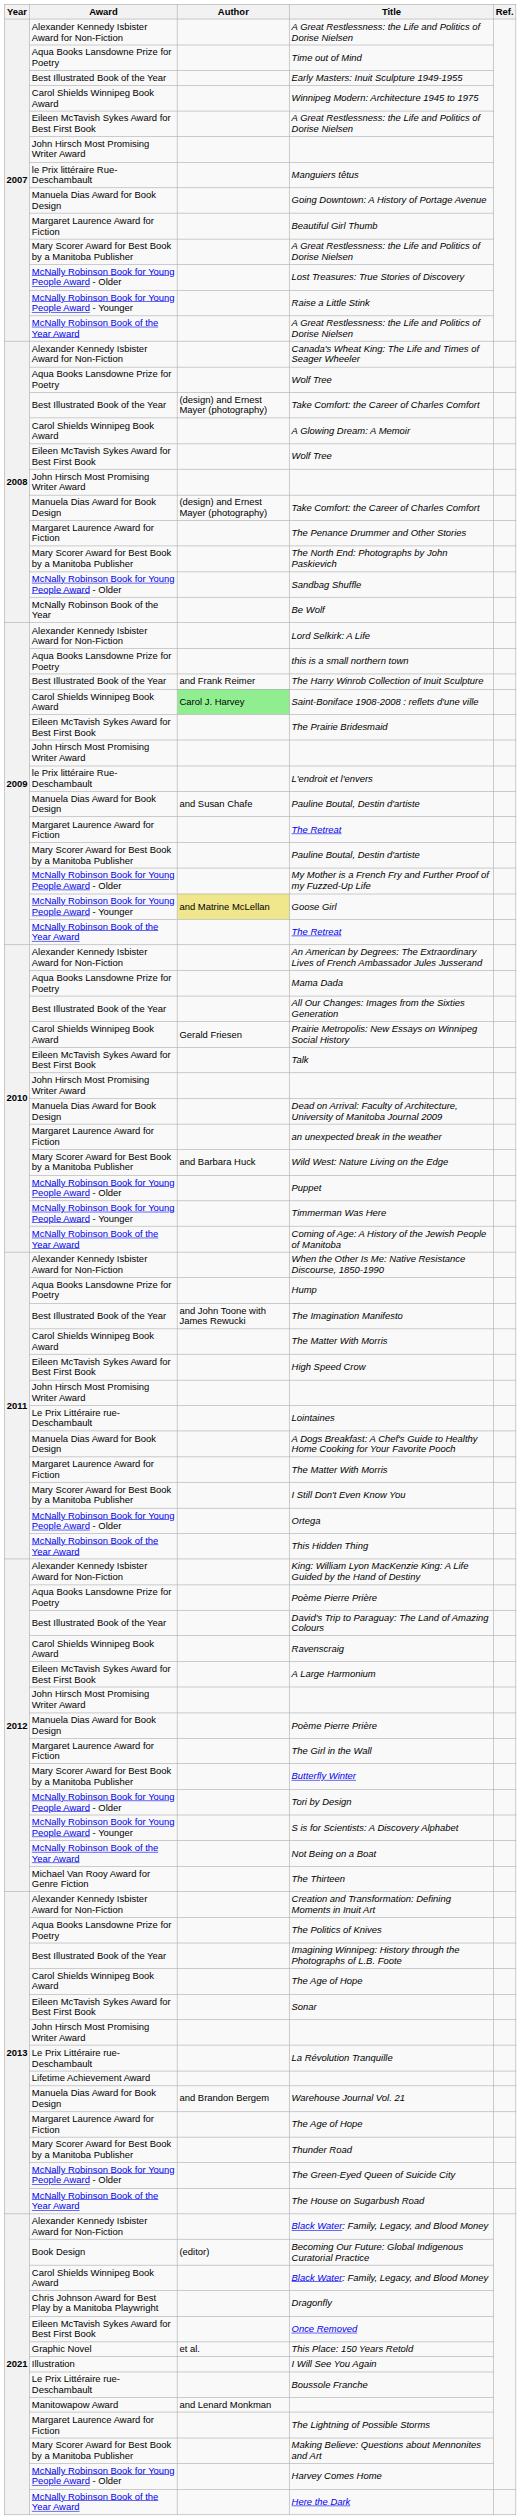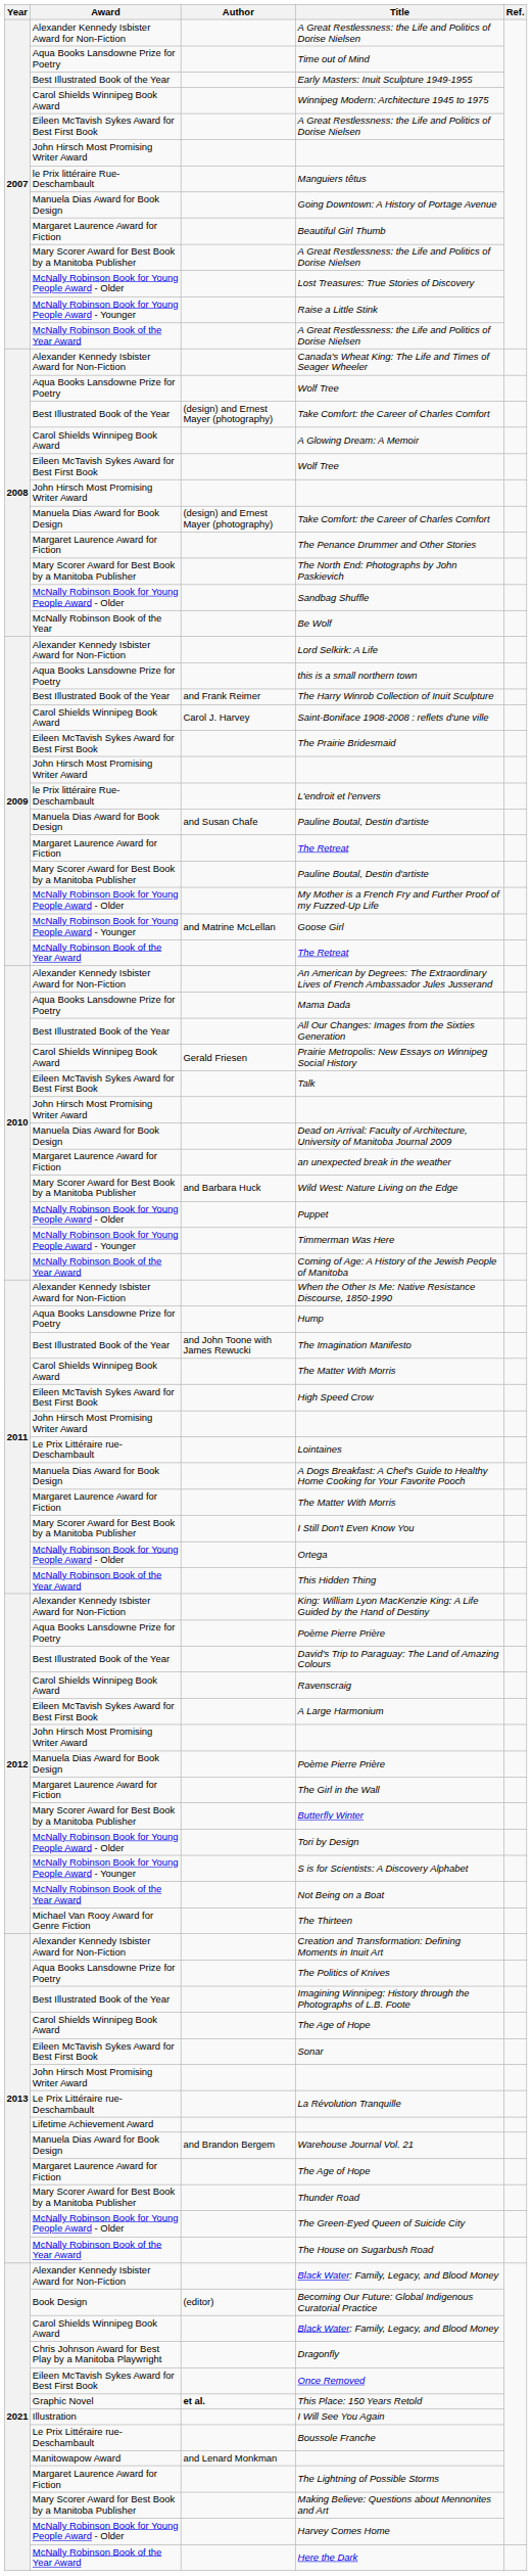 <table class="wikitable sortable">
 <tr>
 <th>Year</th>
 <th>Award</th>
 <th>Author</th>
 <th>Title</th>
 <th>Ref.</th>
 </tr>
 <tr>
 <th rowspan="13">2007</th>
 <td>Alexander Kennedy Isbister Award for Non-Fiction</td>
 <td></td>
 <td><em>A Great Restlessness: the Life and Politics of Dorise Nielsen</em></td>
 <td rowspan="13"></td>
 </tr>
 <tr>
 <td>Aqua Books Lansdowne Prize for Poetry</td>
 <td></td>
 <td><em>Time out of Mind</em></td>
 </tr>
 <tr>
 <td>Best Illustrated Book of the Year</td>
 <td></td>
 <td><em>Early Masters: Inuit Sculpture 1949-1955</em></td>
 </tr>
 <tr>
 <td>Carol Shields Winnipeg Book Award</td>
 <td></td>
 <td><em>Winnipeg Modern: Architecture 1945 to 1975</em></td>
 </tr>
 <tr>
 <td>Eileen McTavish Sykes Award for Best First Book</td>
 <td></td>
 <td><em>A Great Restlessness: the Life and Politics of Dorise Nielsen</em></td>
 </tr>
 <tr>
 <td>John Hirsch Most Promising Writer Award</td>
 <td></td>
 <td></td>
 </tr>
 <tr>
 <td>le Prix littéraire Rue-Deschambault</td>
 <td></td>
 <td><em>Manguiers têtus</em></td>
 </tr>
 <tr>
 <td>Manuela Dias Award for Book Design</td>
 <td></td>
 <td><em>Going Downtown: A History of Portage Avenue</em></td>
 </tr>
 <tr>
 <td>Margaret Laurence Award for Fiction</td>
 <td></td>
 <td><em>Beautiful Girl Thumb</em></td>
 </tr>
 <tr>
 <td>Mary Scorer Award for Best Book by a Manitoba Publisher</td>
 <td></td>
 <td><em>A Great Restlessness: the Life and Politics of Dorise Nielsen</em></td>
 </tr>
 <tr>
 <td><a href='#'>McNally Robinson Book for Young People Award</a> - Older</td>
 <td></td>
 <td><em>Lost Treasures: True Stories of Discovery</em></td>
 </tr>
 <tr>
 <td><a href='#'>McNally Robinson Book for Young People Award</a> - Younger</td>
 <td></td>
 <td><em>Raise a Little Stink</em></td>
 </tr>
 <tr>
 <td><a href='#'>McNally Robinson Book of the Year Award</a></td>
 <td></td>
 <td><em>A Great Restlessness: the Life and Politics of Dorise Nielsen</em></td>
 </tr>
 <tr>
 <th rowspan="11">2008</th>
 <td>Alexander Kennedy Isbister Award for Non-Fiction</td>
 <td></td>
 <td><em>Canada's Wheat King: The Life and Times of Seager Wheeler</em></td>
 <td></td>
 </tr>
 <tr>
 <td>Aqua Books Lansdowne Prize for Poetry</td>
 <td></td>
 <td><em>Wolf Tree</em></td>
 <td></td>
 </tr>
 <tr>
 <td>Best Illustrated Book of the Year</td>
 <td> (design) and Ernest Mayer (photography)</td>
 <td><em>Take Comfort: the Career of Charles Comfort</em></td>
 <td></td>
 </tr>
 <tr>
 <td>Carol Shields Winnipeg Book Award</td>
 <td></td>
 <td><em>A Glowing Dream: A Memoir</em></td>
 <td></td>
 </tr>
 <tr>
 <td>Eileen McTavish Sykes Award for Best First Book</td>
 <td></td>
 <td><em>Wolf Tree</em></td>
 <td></td>
 </tr>
 <tr>
 <td>John Hirsch Most Promising Writer Award</td>
 <td></td>
 <td></td>
 <td></td>
 </tr>
 <tr>
 <td>Manuela Dias Award for Book Design</td>
 <td> (design) and Ernest Mayer (photography)</td>
 <td><em>Take Comfort: the Career of Charles Comfort</em></td>
 <td></td>
 </tr>
 <tr>
 <td>Margaret Laurence Award for Fiction</td>
 <td></td>
 <td><em>The Penance Drummer and Other Stories</em></td>
 <td></td>
 </tr>
 <tr>
 <td>Mary Scorer Award for Best Book by a Manitoba Publisher</td>
 <td></td>
 <td><em>The North End: Photographs by John Paskievich</em></td>
 <td></td>
 </tr>
 <tr>
 <td><a href='#'>McNally Robinson Book for Young People Award</a> - Older</td>
 <td></td>
 <td><em>Sandbag Shuffle</em></td>
 <td></td>
 </tr>
 <tr>
 <td>McNally Robinson Book of the Year</td>
 <td></td>
 <td><em>Be Wolf</em></td>
 <td></td>
 </tr>
 <tr>
 <th rowspan="13">2009</th>
 <td>Alexander Kennedy Isbister Award for Non-Fiction</td>
 <td></td>
 <td><em>Lord Selkirk: A Life</em></td>
 <td></td>
 </tr>
 <tr>
 <td>Aqua Books Lansdowne Prize for Poetry</td>
 <td></td>
 <td><em>this is a small northern town</em></td>
 <td></td>
 </tr>
 <tr>
 <td>Best Illustrated Book of the Year</td>
 <td> and Frank Reimer</td>
 <td><em>The Harry Winrob Collection of Inuit Sculpture</em></td>
 <td></td>
 </tr>
 <tr>
 <td>Carol Shields Winnipeg Book Award</td>
-<td style="background: lightgreen;"> Carol J. Harvey</td>
+<td> Carol J. Harvey</td>
 <td><em>Saint-Boniface 1908-2008 : reflets d'une ville</em></td>
 <td></td>
 </tr>
 <tr>
 <td>Eileen McTavish Sykes Award for Best First Book</td>
 <td></td>
 <td><em>The Prairie Bridesmaid</em></td>
 <td></td>
 </tr>
 <tr>
 <td>John Hirsch Most Promising Writer Award</td>
 <td></td>
 <td></td>
 <td></td>
 </tr>
 <tr>
 <td>le Prix littéraire Rue-Deschambault</td>
 <td></td>
 <td><em>L'endroit et l'envers</em></td>
 <td></td>
 </tr>
 <tr>
 <td>Manuela Dias Award for Book Design</td>
 <td> and Susan Chafe</td>
 <td><em>Pauline Boutal, Destin d'artiste</em></td>
 <td></td>
 </tr>
 <tr>
 <td>Margaret Laurence Award for Fiction</td>
 <td></td>
 <td><em><a href='#'>The Retreat</a></em></td>
 <td></td>
 </tr>
 <tr>
 <td>Mary Scorer Award for Best Book by a Manitoba Publisher</td>
 <td></td>
 <td><em>Pauline Boutal, Destin d'artiste</em></td>
 <td></td>
 </tr>
 <tr>
 <td><a href='#'>McNally Robinson Book for Young People Award</a> - Older</td>
 <td></td>
 <td><em>My Mother is a French Fry and Further Proof of my Fuzzed-Up Life</em></td>
 <td></td>
 </tr>
 <tr>
 <td><a href='#'>McNally Robinson Book for Young People Award</a> - Younger</td>
-<td style="background: khaki;"> and Matrine McLellan</td>
+<td> and Matrine McLellan</td>
 <td><em>Goose Girl</em></td>
 <td></td>
 </tr>
 <tr>
 <td><a href='#'>McNally Robinson Book of the Year Award</a></td>
 <td></td>
 <td><em><a href='#'>The Retreat</a></em></td>
 <td></td>
 </tr>
 <tr>
 <th rowspan="12">2010</th>
 <td>Alexander Kennedy Isbister Award for Non-Fiction</td>
 <td></td>
 <td><em>An American by Degrees: The Extraordinary Lives of French Ambassador Jules Jusserand</em></td>
 <td></td>
 </tr>
 <tr>
 <td>Aqua Books Lansdowne Prize for Poetry</td>
 <td></td>
 <td><em>Mama Dada</em></td>
 <td></td>
 </tr>
 <tr>
 <td>Best Illustrated Book of the Year</td>
 <td></td>
 <td><em>All Our Changes: Images from the Sixties Generation</em></td>
 <td></td>
 </tr>
 <tr>
 <td>Carol Shields Winnipeg Book Award</td>
 <td> Gerald Friesen</td>
 <td><em>Prairie Metropolis: New Essays on Winnipeg Social History</em></td>
 <td></td>
 </tr>
 <tr>
 <td>Eileen McTavish Sykes Award for Best First Book</td>
 <td></td>
 <td><em>Talk</em></td>
 <td></td>
 </tr>
 <tr>
 <td>John Hirsch Most Promising Writer Award</td>
 <td></td>
 <td></td>
 <td></td>
 </tr>
 <tr>
 <td>Manuela Dias Award for Book Design</td>
 <td></td>
 <td><em>Dead on Arrival: Faculty of Architecture, University of Manitoba Journal 2009</em></td>
 <td></td>
 </tr>
 <tr>
 <td>Margaret Laurence Award for Fiction</td>
 <td></td>
 <td><em>an unexpected break in the weather</em></td>
 <td></td>
 </tr>
 <tr>
 <td>Mary Scorer Award for Best Book by a Manitoba Publisher</td>
 <td> and Barbara Huck</td>
 <td><em>Wild West: Nature Living on the Edge</em></td>
 <td></td>
 </tr>
 <tr>
 <td><a href='#'>McNally Robinson Book for Young People Award</a> - Older</td>
 <td></td>
 <td><em>Puppet</em></td>
 <td></td>
 </tr>
 <tr>
 <td><a href='#'>McNally Robinson Book for Young People Award</a> - Younger</td>
 <td></td>
 <td><em>Timmerman Was Here</em></td>
 <td></td>
 </tr>
 <tr>
 <td><a href='#'>McNally Robinson Book of the Year Award</a></td>
 <td></td>
 <td><em>Coming of Age: A History of the Jewish People of Manitoba</em></td>
 <td></td>
 </tr>
 <tr>
 <th rowspan="12">2011</th>
 <td>Alexander Kennedy Isbister Award for Non-Fiction</td>
 <td></td>
 <td><em>When the Other Is Me: Native Resistance Discourse, 1850-1990</em></td>
 <td></td>
 </tr>
 <tr>
 <td>Aqua Books Lansdowne Prize for Poetry</td>
 <td></td>
 <td><em>Hump</em></td>
 <td></td>
 </tr>
 <tr>
 <td>Best Illustrated Book of the Year</td>
 <td> and John Toone with James Rewucki</td>
 <td><em>The Imagination Manifesto</em></td>
 <td></td>
 </tr>
 <tr>
 <td>Carol Shields Winnipeg Book Award</td>
 <td></td>
 <td><em>The Matter With Morris</em></td>
 <td></td>
 </tr>
 <tr>
 <td>Eileen McTavish Sykes Award for Best First Book</td>
 <td></td>
 <td><em>High Speed Crow</em></td>
 <td></td>
 </tr>
 <tr>
 <td>John Hirsch Most Promising Writer Award</td>
 <td></td>
 <td></td>
 <td></td>
 </tr>
 <tr>
 <td>Le Prix Littéraire rue-Deschambault</td>
 <td></td>
 <td><em>Lointaines</em></td>
 <td></td>
 </tr>
 <tr>
 <td>Manuela Dias Award for Book Design</td>
 <td></td>
 <td><em>A Dogs Breakfast: A Chef's Guide to Healthy Home Cooking for Your Favorite Pooch</em></td>
 <td></td>
 </tr>
 <tr>
 <td>Margaret Laurence Award for Fiction</td>
 <td></td>
 <td><em>The Matter With Morris</em></td>
 <td></td>
 </tr>
 <tr>
 <td>Mary Scorer Award for Best Book by a Manitoba Publisher</td>
 <td></td>
 <td><em>I Still Don't Even Know You</em></td>
 <td></td>
 </tr>
 <tr>
 <td><a href='#'>McNally Robinson Book for Young People Award</a> - Older</td>
 <td></td>
 <td><em>Ortega</em></td>
 <td></td>
 </tr>
 <tr>
 <td><a href='#'>McNally Robinson Book of the Year Award</a></td>
 <td></td>
 <td><em>This Hidden Thing</em></td>
 <td></td>
 </tr>
 <tr>
 <th rowspan="13">2012</th>
 <td>Alexander Kennedy Isbister Award for Non-Fiction</td>
 <td></td>
 <td><em>King: William Lyon MacKenzie King: A Life Guided by the Hand of Destiny</em></td>
 <td></td>
 </tr>
 <tr>
 <td>Aqua Books Lansdowne Prize for Poetry</td>
 <td></td>
 <td><em>Poème Pierre Prière</em></td>
 <td></td>
 </tr>
 <tr>
 <td>Best Illustrated Book of the Year</td>
 <td></td>
 <td><em>David's Trip to Paraguay: The Land of Amazing Colours</em></td>
 <td></td>
 </tr>
 <tr>
 <td>Carol Shields Winnipeg Book Award</td>
 <td></td>
 <td><em>Ravenscraig</em></td>
 <td></td>
 </tr>
 <tr>
 <td>Eileen McTavish Sykes Award for Best First Book</td>
 <td></td>
 <td><em>A Large Harmonium</em></td>
 <td></td>
 </tr>
 <tr>
 <td>John Hirsch Most Promising Writer Award</td>
 <td></td>
 <td></td>
 <td></td>
 </tr>
 <tr>
 <td>Manuela Dias Award for Book Design</td>
 <td></td>
 <td><em>Poème Pierre Prière</em></td>
 <td></td>
 </tr>
 <tr>
 <td>Margaret Laurence Award for Fiction</td>
 <td></td>
 <td><em>The Girl in the Wall</em></td>
 <td></td>
 </tr>
 <tr>
 <td>Mary Scorer Award for Best Book by a Manitoba Publisher</td>
 <td></td>
 <td><em><a href='#'>Butterfly Winter</a></em></td>
 <td></td>
 </tr>
 <tr>
 <td><a href='#'>McNally Robinson Book for Young People Award</a> - Older</td>
 <td></td>
 <td><em>Tori by Design</em></td>
 <td></td>
 </tr>
 <tr>
 <td><a href='#'>McNally Robinson Book for Young People Award</a> - Younger</td>
 <td></td>
 <td><em>S is for Scientists: A Discovery Alphabet</em></td>
 <td></td>
 </tr>
 <tr>
 <td><a href='#'>McNally Robinson Book of the Year Award</a></td>
 <td></td>
 <td><em>Not Being on a Boat</em></td>
 <td></td>
 </tr>
 <tr>
 <td>Michael Van Rooy Award for Genre Fiction</td>
 <td></td>
 <td><em>The Thirteen</em></td>
 <td></td>
 </tr>
 <tr>
 <th rowspan="13">2013</th>
 <td>Alexander Kennedy Isbister Award for Non-Fiction</td>
 <td></td>
 <td><em>Creation and Transformation: Defining Moments in Inuit Art</em></td>
 <td></td>
 </tr>
 <tr>
 <td>Aqua Books Lansdowne Prize for Poetry</td>
 <td></td>
 <td><em>The Politics of Knives</em></td>
 <td></td>
 </tr>
 <tr>
 <td>Best Illustrated Book of the Year</td>
 <td></td>
 <td><em>Imagining Winnipeg: History through the Photographs of L.B. Foote</em></td>
 <td></td>
 </tr>
 <tr>
 <td>Carol Shields Winnipeg Book Award</td>
 <td></td>
 <td><em>The Age of Hope</em></td>
 <td></td>
 </tr>
 <tr>
 <td>Eileen McTavish Sykes Award for Best First Book</td>
 <td></td>
 <td><em>Sonar</em></td>
 <td></td>
 </tr>
 <tr>
 <td>John Hirsch Most Promising Writer Award</td>
 <td></td>
 <td></td>
 <td></td>
 </tr>
 <tr>
 <td>Le Prix Littéraire rue-Deschambault</td>
 <td></td>
 <td><em>La Révolution Tranquille</em></td>
 <td></td>
 </tr>
 <tr>
 <td>Lifetime Achievement Award</td>
 <td></td>
 <td></td>
 <td></td>
 </tr>
 <tr>
 <td>Manuela Dias Award for Book Design</td>
 <td> and Brandon Bergem</td>
 <td><em>Warehouse Journal Vol. 21</em></td>
 <td></td>
 </tr>
 <tr>
 <td>Margaret Laurence Award for Fiction</td>
 <td></td>
 <td><em>The Age of Hope</em></td>
 <td></td>
 </tr>
 <tr>
 <td>Mary Scorer Award for Best Book by a Manitoba Publisher</td>
 <td></td>
 <td><em>Thunder Road</em></td>
 <td></td>
 </tr>
 <tr>
 <td><a href='#'>McNally Robinson Book for Young People Award</a> - Older</td>
 <td></td>
 <td><em>The Green-Eyed Queen of Suicide City</em></td>
 <td></td>
 </tr>
 <tr>
 <td><a href='#'>McNally Robinson Book of the Year Award</a></td>
 <td></td>
 <td><em>The House on Sugarbush Road</em></td>
 <td></td>
 </tr>
 <tr>
 <th rowspan="13">2021</th>
 <td>Alexander Kennedy Isbister Award for Non-Fiction</td>
 <td></td>
 <td><em><a href='#'>Black Water</a>: Family, Legacy, and Blood Money</em></td>
 <td rowspan="12"></td>
 </tr>
 <tr>
 <td>Book Design</td>
 <td> (editor)</td>
 <td><em>Becoming Our Future: Global Indigenous Curatorial Practice</em></td>
 </tr>
 <tr>
 <td>Carol Shields Winnipeg Book Award</td>
 <td></td>
 <td><em><a href='#'>Black Water</a>: Family, Legacy, and Blood Money</em></td>
 </tr>
 <tr>
 <td>Chris Johnson Award for Best Play by a Manitoba Playwright</td>
 <td></td>
 <td><em>Dragonfly</em></td>
 </tr>
 <tr>
 <td>Eileen McTavish Sykes Award for Best First Book</td>
 <td></td>
 <td><em><a href='#'>Once Removed</a></em></td>
 </tr>
 <tr>
 <td>Graphic Novel</td>
-<td> et al.</td>
+<td><strong> et al.</strong></td>
 <td><em>This Place: 150 Years Retold</em></td>
 </tr>
 <tr>
 <td>Illustration</td>
 <td></td>
 <td><em>I Will See You Again</em></td>
 </tr>
 <tr>
 <td>Le Prix Littéraire rue-Deschambault</td>
 <td></td>
 <td><em>Boussole Franche</em></td>
 </tr>
 <tr>
 <td>Manitowapow Award</td>
 <td> and Lenard Monkman</td>
 <td></td>
 </tr>
 <tr>
 <td>Margaret Laurence Award for Fiction</td>
 <td></td>
 <td><em>The Lightning of Possible Storms</em></td>
 </tr>
 <tr>
 <td>Mary Scorer Award for Best Book by a Manitoba Publisher</td>
 <td></td>
 <td><em>Making Believe: Questions about Mennonites and Art</em></td>
 </tr>
 <tr>
 <td><a href='#'>McNally Robinson Book for Young People Award</a> - Older</td>
 <td></td>
 <td><em>Harvey Comes Home</em></td>
 </tr>
 <tr>
 <td><a href='#'>McNally Robinson Book of the Year Award</a></td>
 <td></td>
 <td><em><a href='#'>Here the Dark</a></em></td>
 <td></td>
 </tr>
 </table>
